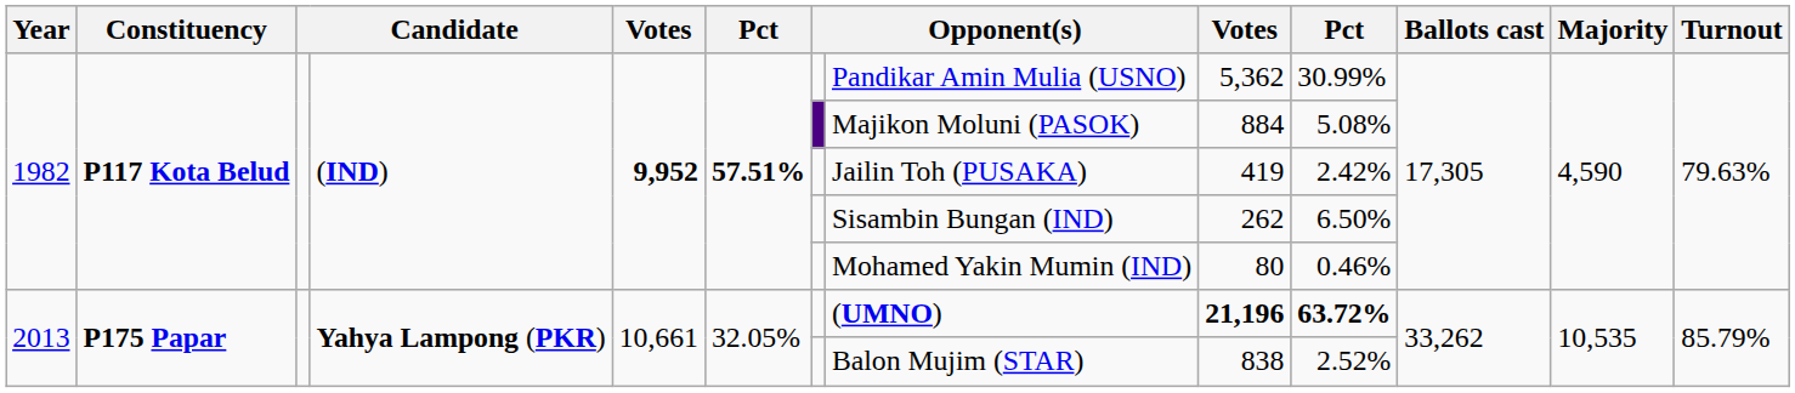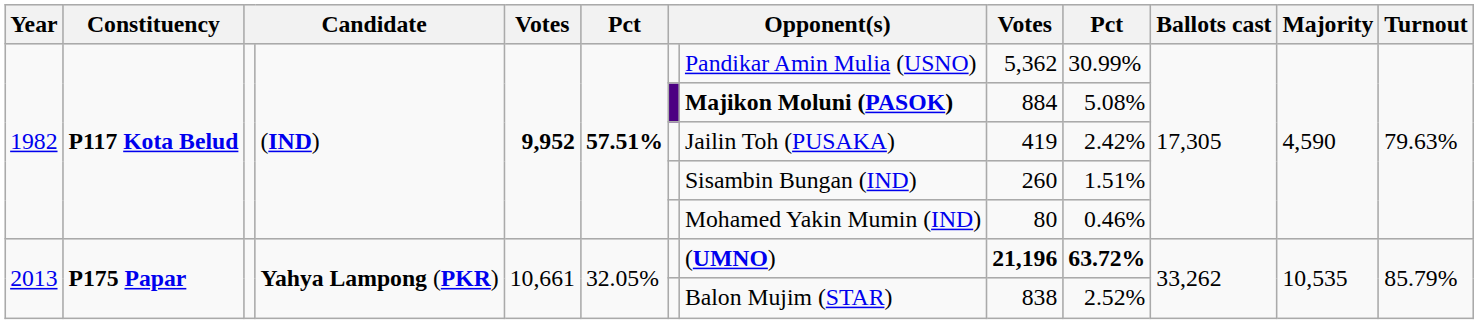 <table class="wikitable" style="margin:0.5em ; font-size:95%">
 <tr>
 <th>Year</th>
 <th>Constituency</th>
 <th colspan=2>Candidate</th>
 <th>Votes</th>
 <th>Pct</th>
 <th colspan=2>Opponent(s)</th>
 <th>Votes</th>
 <th>Pct</th>
 <th>Ballots cast</th>
 <th>Majority</th>
 <th>Turnout</th>
 </tr>
 <tr>
 <td rowspan="5"><a href='#'>1982</a></td>
 <td rowspan="5"><strong>P117 <a href='#'>Kota Belud</a></strong></td>
 <td rowspan="5" ></td>
 <td rowspan="5"> (<a href='#'><strong>IND</strong></a>)</td>
 <td rowspan="5" align=right><strong>9,952</strong></td>
 <td rowspan="5"><strong>57.51%</strong></td>
 <td></td>
 <td><a href='#'>Pandikar Amin Mulia</a> (<a href='#'>USNO</a>)</td>
 <td align=right>5,362</td>
 <td>30.99%</td>
 <td rowspan="5">17,305</td>
 <td rowspan="5">4,590</td>
 <td rowspan="5">79.63%</td>
 </tr>
 <tr>
 <td bgcolor= indigo></td>
-<td>Majikon Moluni (<a href='#'>PASOK</a>)</td>
+<td><strong>Majikon Moluni (<a href='#'>PASOK</a>)</strong></td>
 <td align=right>884</td>
 <td align=right>5.08%</td>
 </tr>
 <tr>
 <td></td>
 <td>Jailin Toh (<a href='#'>PUSAKA</a>)</td>
 <td align=right>419</td>
 <td align=right>2.42%</td>
 </tr>
 <tr>
 <td></td>
 <td>Sisambin Bungan (<a href='#'>IND</a>)</td>
-<td align=right>262</td>
-<td align=right>6.50%</td>
+<td align=right>260</td>
+<td align=right>1.51%</td>
 </tr>
 <tr>
 <td></td>
 <td>Mohamed Yakin Mumin (<a href='#'>IND</a>)</td>
 <td align=right>80</td>
 <td align=right>0.46%</td>
 </tr>
 <tr>
 <td rowspan="2"><a href='#'>2013</a></td>
 <td rowspan="2"><strong>P175 <a href='#'>Papar</a></strong></td>
 <td rowspan="2" ></td>
 <td rowspan="2"><strong>Yahya Lampong</strong> (<a href='#'><strong>PKR</strong></a>)</td>
 <td rowspan="2" align=right>10,661</td>
 <td rowspan="2">32.05%</td>
 <td></td>
 <td> (<a href='#'><strong>UMNO</strong></a>)</td>
 <td align=right><strong>21,196</strong></td>
 <td><strong>63.72%</strong></td>
 <td rowspan="2">33,262</td>
 <td rowspan="2">10,535</td>
 <td rowspan="2">85.79%</td>
 </tr>
 <tr>
 <td bgcolor = ></td>
 <td>Balon Mujim (<a href='#'>STAR</a>)</td>
 <td align=right>838</td>
 <td align=right>2.52%</td>
 </tr>
 </table>
